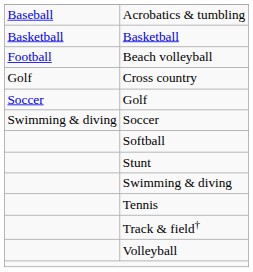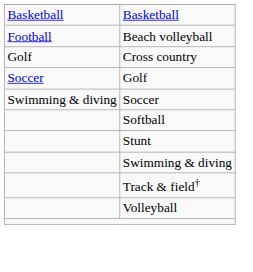 <table class="wikitable">
 <tr>
-</tr>
-<tr>
-<td><a href='#'>Baseball</a></td>
-<td>Acrobatics & tumbling</td>
 </tr>
 <tr>
 <td><a href='#'>Basketball</a></td>
 <td><a href='#'>Basketball</a></td>
 </tr>
 <tr>
 <td><a href='#'>Football</a></td>
 <td>Beach volleyball</td>
 </tr>
 <tr>
 <td>Golf</td>
 <td>Cross country</td>
 </tr>
 <tr>
 <td><a href='#'>Soccer</a></td>
 <td>Golf</td>
 </tr>
 <tr>
 <td>Swimming & diving</td>
 <td>Soccer</td>
 </tr>
 <tr>
 <td></td>
 <td>Softball</td>
 </tr>
 <tr>
 <td></td>
 <td>Stunt</td>
 </tr>
 <tr>
 <td></td>
 <td>Swimming & diving</td>
 </tr>
 <tr>
 <td></td>
-<td>Tennis</td>
-</tr>
-<tr>
-<td></td>
 <td>Track & field<sup>†</sup></td>
 </tr>
 <tr>
 <td></td>
 <td>Volleyball</td>
 </tr>
 <tr>
 <td colspan="2"></td>
 </tr>
 </table>
